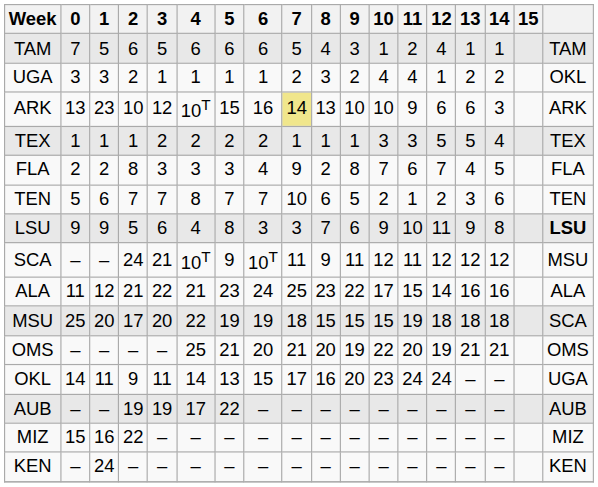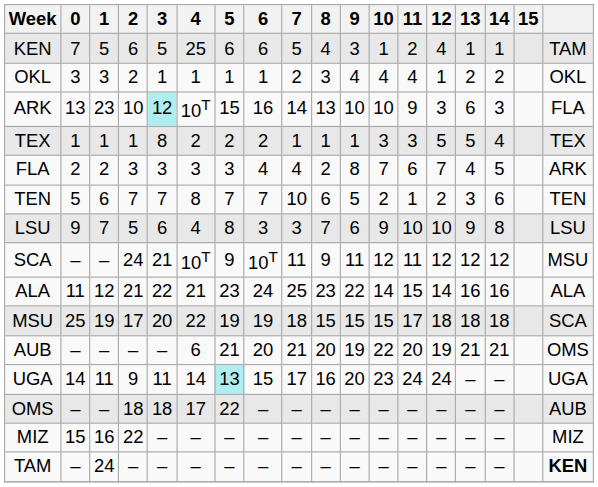 <table class="wikitable sortable" style="text-align:center">
 <tr>
 <th>Week</th>
 <th>0</th>
 <th>1</th>
 <th>2</th>
 <th>3</th>
 <th>4</th>
 <th>5</th>
 <th>6</th>
 <th>7</th>
 <th>8</th>
 <th>9</th>
 <th>10</th>
 <th>11</th>
 <th>12</th>
 <th>13</th>
 <th>14</th>
 <th>15</th>
 <th class=unsortable></th>
 </tr>
 <tr style="background-color:#E8E8E8">
-<td data-sort-value=TEX2>TAM</td>
+<td>KEN</td>
 <td>7</td>
 <td>5</td>
 <td>6</td>
 <td>5</td>
-<td>6</td>
+<td>25</td>
 <td>6</td>
 <td>6</td>
 <td>5</td>
 <td>4</td>
 <td>3</td>
 <td>1</td>
 <td>2</td>
 <td>4</td>
 <td>1</td>
 <td>1</td>
 <td></td>
 <td>TAM</td>
 </tr>
 <tr>
-<td data-sort-value=G>UGA</td>
+<td>OKL</td>
 <td>3</td>
 <td>3</td>
 <td>2</td>
 <td>1</td>
 <td>1</td>
 <td>1</td>
 <td>1</td>
 <td>2</td>
 <td>3</td>
-<td>2</td>
+<td>4</td>
 <td>4</td>
 <td>4</td>
 <td>1</td>
 <td>2</td>
 <td>2</td>
 <td></td>
 <td>OKL</td>
 </tr>
 <tr>
 <td>ARK</td>
 <td>13</td>
 <td>23</td>
 <td>10</td>
-<td>12</td>
+<td style="background: paleturquoise;">12</td>
 <td>10<sup>T</sup></td>
 <td>15</td>
 <td>16</td>
-<td style="background: khaki;">14</td>
+<td>14</td>
 <td>13</td>
 <td>10</td>
 <td>10</td>
 <td>9</td>
-<td>6</td>
+<td>3</td>
 <td>6</td>
 <td>3</td>
 <td></td>
-<td>ARK</td>
+<td>FLA</td>
 </tr>
 <tr style="background-color:#E8E8E8">
 <td data-sort-value=TEX1>TEX</td>
 <td>1</td>
 <td>1</td>
 <td>1</td>
-<td>2</td>
+<td>8</td>
 <td>2</td>
 <td>2</td>
 <td>2</td>
 <td>1</td>
 <td>1</td>
 <td>1</td>
 <td>3</td>
 <td>3</td>
 <td>5</td>
 <td>5</td>
 <td>4</td>
 <td></td>
 <td>TEX</td>
 </tr>
 <tr>
 <td>FLA</td>
 <td>2</td>
 <td>2</td>
-<td>8</td>
+<td>3</td>
 <td>3</td>
 <td>3</td>
 <td>3</td>
 <td>4</td>
-<td>9</td>
+<td>4</td>
 <td>2</td>
 <td>8</td>
 <td>7</td>
 <td>6</td>
 <td>7</td>
 <td>4</td>
 <td>5</td>
 <td></td>
-<td>FLA</td>
+<td>ARK</td>
 </tr>
 <tr>
 <td>TEN</td>
 <td>5</td>
 <td>6</td>
 <td>7</td>
 <td>7</td>
 <td>8</td>
 <td>7</td>
 <td>7</td>
 <td>10</td>
 <td>6</td>
 <td>5</td>
 <td>2</td>
 <td>1</td>
 <td>2</td>
 <td>3</td>
 <td>6</td>
 <td></td>
 <td>TEN</td>
 </tr>
 <tr style="background-color:#E8E8E8">
 <td>LSU</td>
 <td>9</td>
-<td>9</td>
+<td>7</td>
 <td>5</td>
 <td>6</td>
 <td>4</td>
 <td>8</td>
 <td>3</td>
 <td>3</td>
 <td>7</td>
 <td>6</td>
 <td>9</td>
 <td>10</td>
-<td>11</td>
+<td>10</td>
 <td>9</td>
 <td>8</td>
 <td></td>
-<td><strong>LSU</strong></td>
+<td>LSU</td>
 </tr>
 <tr>
 <td>SCA</td>
 <td data-sort-value=26>–</td>
 <td data-sort-value=26>–</td>
 <td>24</td>
 <td>21</td>
 <td>10<sup>T</sup></td>
 <td>9</td>
 <td>10<sup>T</sup></td>
 <td>11</td>
 <td>9</td>
 <td>11</td>
 <td>12</td>
 <td>11</td>
 <td>12</td>
 <td>12</td>
 <td>12</td>
 <td></td>
 <td>MSU</td>
 </tr>
 <tr>
 <td>ALA</td>
 <td>11</td>
 <td>12</td>
 <td>21</td>
 <td>22</td>
 <td>21</td>
 <td>23</td>
 <td>24</td>
 <td>25</td>
 <td>23</td>
 <td>22</td>
-<td>17</td>
+<td>14</td>
 <td>15</td>
 <td>14</td>
 <td>16</td>
 <td>16</td>
 <td></td>
 <td>ALA</td>
 </tr>
 <tr style="background-color:#E8E8E8">
 <td>MSU</td>
 <td>25</td>
-<td>20</td>
+<td>19</td>
 <td>17</td>
 <td>20</td>
 <td>22</td>
 <td>19</td>
 <td>19</td>
 <td>18</td>
 <td>15</td>
 <td>15</td>
 <td>15</td>
-<td>19</td>
+<td>17</td>
 <td>18</td>
 <td>18</td>
 <td>18</td>
 <td></td>
 <td>SCA</td>
 </tr>
 <tr>
-<td>OMS</td>
+<td>AUB</td>
 <td data-sort-value=27>–</td>
 <td data-sort-value=27>–</td>
 <td data-sort-value=27>–</td>
 <td data-sort-value=27>–</td>
-<td>25</td>
+<td>6</td>
 <td>21</td>
 <td>20</td>
 <td>21</td>
 <td>20</td>
 <td>19</td>
 <td>22</td>
 <td>20</td>
 <td>19</td>
 <td>21</td>
 <td>21</td>
 <td></td>
 <td>OMS</td>
 </tr>
 <tr>
-<td>OKL</td>
+<td data-sort-value=G>UGA</td>
 <td>14</td>
 <td>11</td>
 <td>9</td>
 <td>11</td>
 <td>14</td>
-<td>13</td>
+<td style="background: paleturquoise;">13</td>
 <td>15</td>
 <td>17</td>
 <td>16</td>
 <td>20</td>
 <td>23</td>
 <td>24</td>
 <td>24</td>
 <td data-sort-value=27>–</td>
 <td data-sort-value=27>–</td>
 <td></td>
 <td>UGA</td>
 </tr>
 <tr style="background-color:#E8E8E8">
-<td>AUB</td>
+<td>OMS</td>
 <td data-sort-value=28>–</td>
 <td data-sort-value=28>–</td>
-<td>19</td>
-<td>19</td>
+<td>18</td>
+<td>18</td>
 <td>17</td>
 <td>22</td>
 <td data-sort-value=28>–</td>
 <td data-sort-value=28>–</td>
 <td data-sort-value=28>–</td>
 <td data-sort-value=28>–</td>
 <td data-sort-value=28>–</td>
 <td data-sort-value=28>–</td>
 <td data-sort-value=28>–</td>
 <td data-sort-value=28>–</td>
 <td data-sort-value=28>–</td>
 <td></td>
 <td>AUB</td>
 </tr>
 <tr>
 <td data-sort-value=MZ>MIZ</td>
 <td>15</td>
 <td>16</td>
 <td>22</td>
 <td data-sort-value=30>–</td>
 <td data-sort-value=30>–</td>
 <td data-sort-value=30>–</td>
 <td data-sort-value=30>–</td>
 <td data-sort-value=30>–</td>
 <td data-sort-value=30>–</td>
 <td data-sort-value=30>–</td>
 <td data-sort-value=30>–</td>
 <td data-sort-value=30>–</td>
 <td data-sort-value=30>–</td>
 <td data-sort-value=30>–</td>
 <td data-sort-value=30>–</td>
 <td></td>
 <td>MIZ</td>
 </tr>
 <tr>
-<td>KEN</td>
+<td data-sort-value=TEX2>TAM</td>
 <td data-sort-value=31>–</td>
 <td>24</td>
 <td data-sort-value=31>–</td>
 <td data-sort-value=31>–</td>
 <td data-sort-value=31>–</td>
 <td data-sort-value=31>–</td>
 <td data-sort-value=31>–</td>
 <td data-sort-value=31>–</td>
 <td data-sort-value=31>–</td>
 <td data-sort-value=31>–</td>
 <td data-sort-value=31>–</td>
 <td data-sort-value=31>–</td>
 <td data-sort-value=31>–</td>
 <td data-sort-value=31>–</td>
 <td data-sort-value=31>–</td>
 <td></td>
-<td>KEN</td>
+<td><strong>KEN</strong></td>
 </tr>
 <tr>
 </tr>
 </table>
